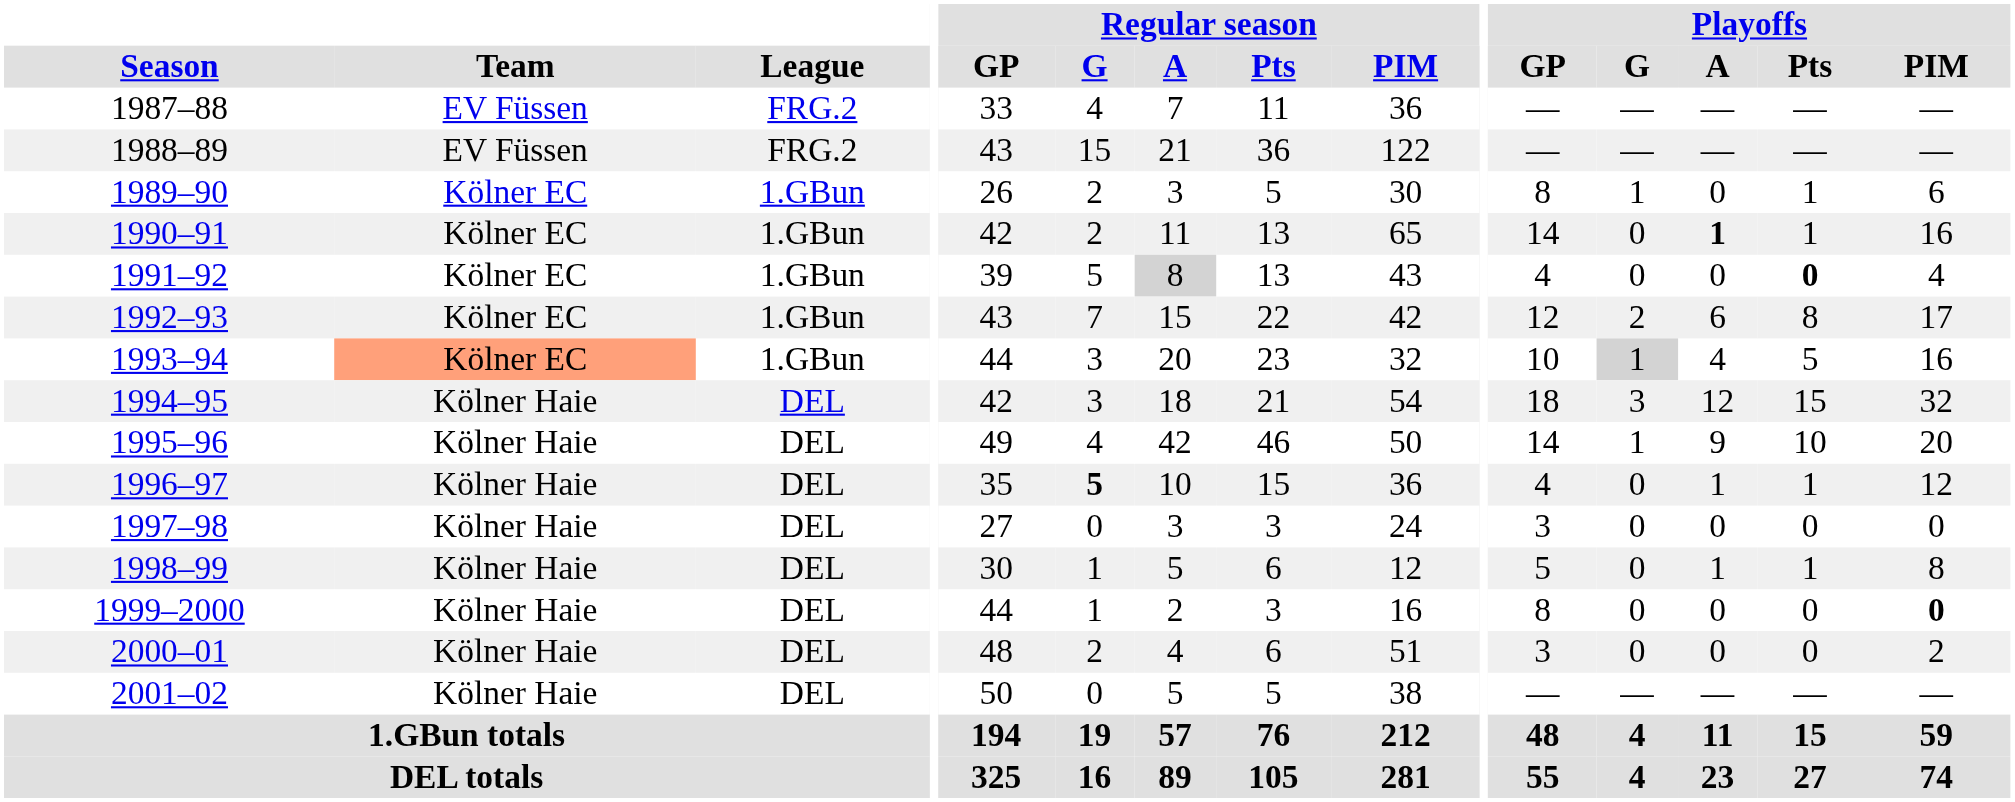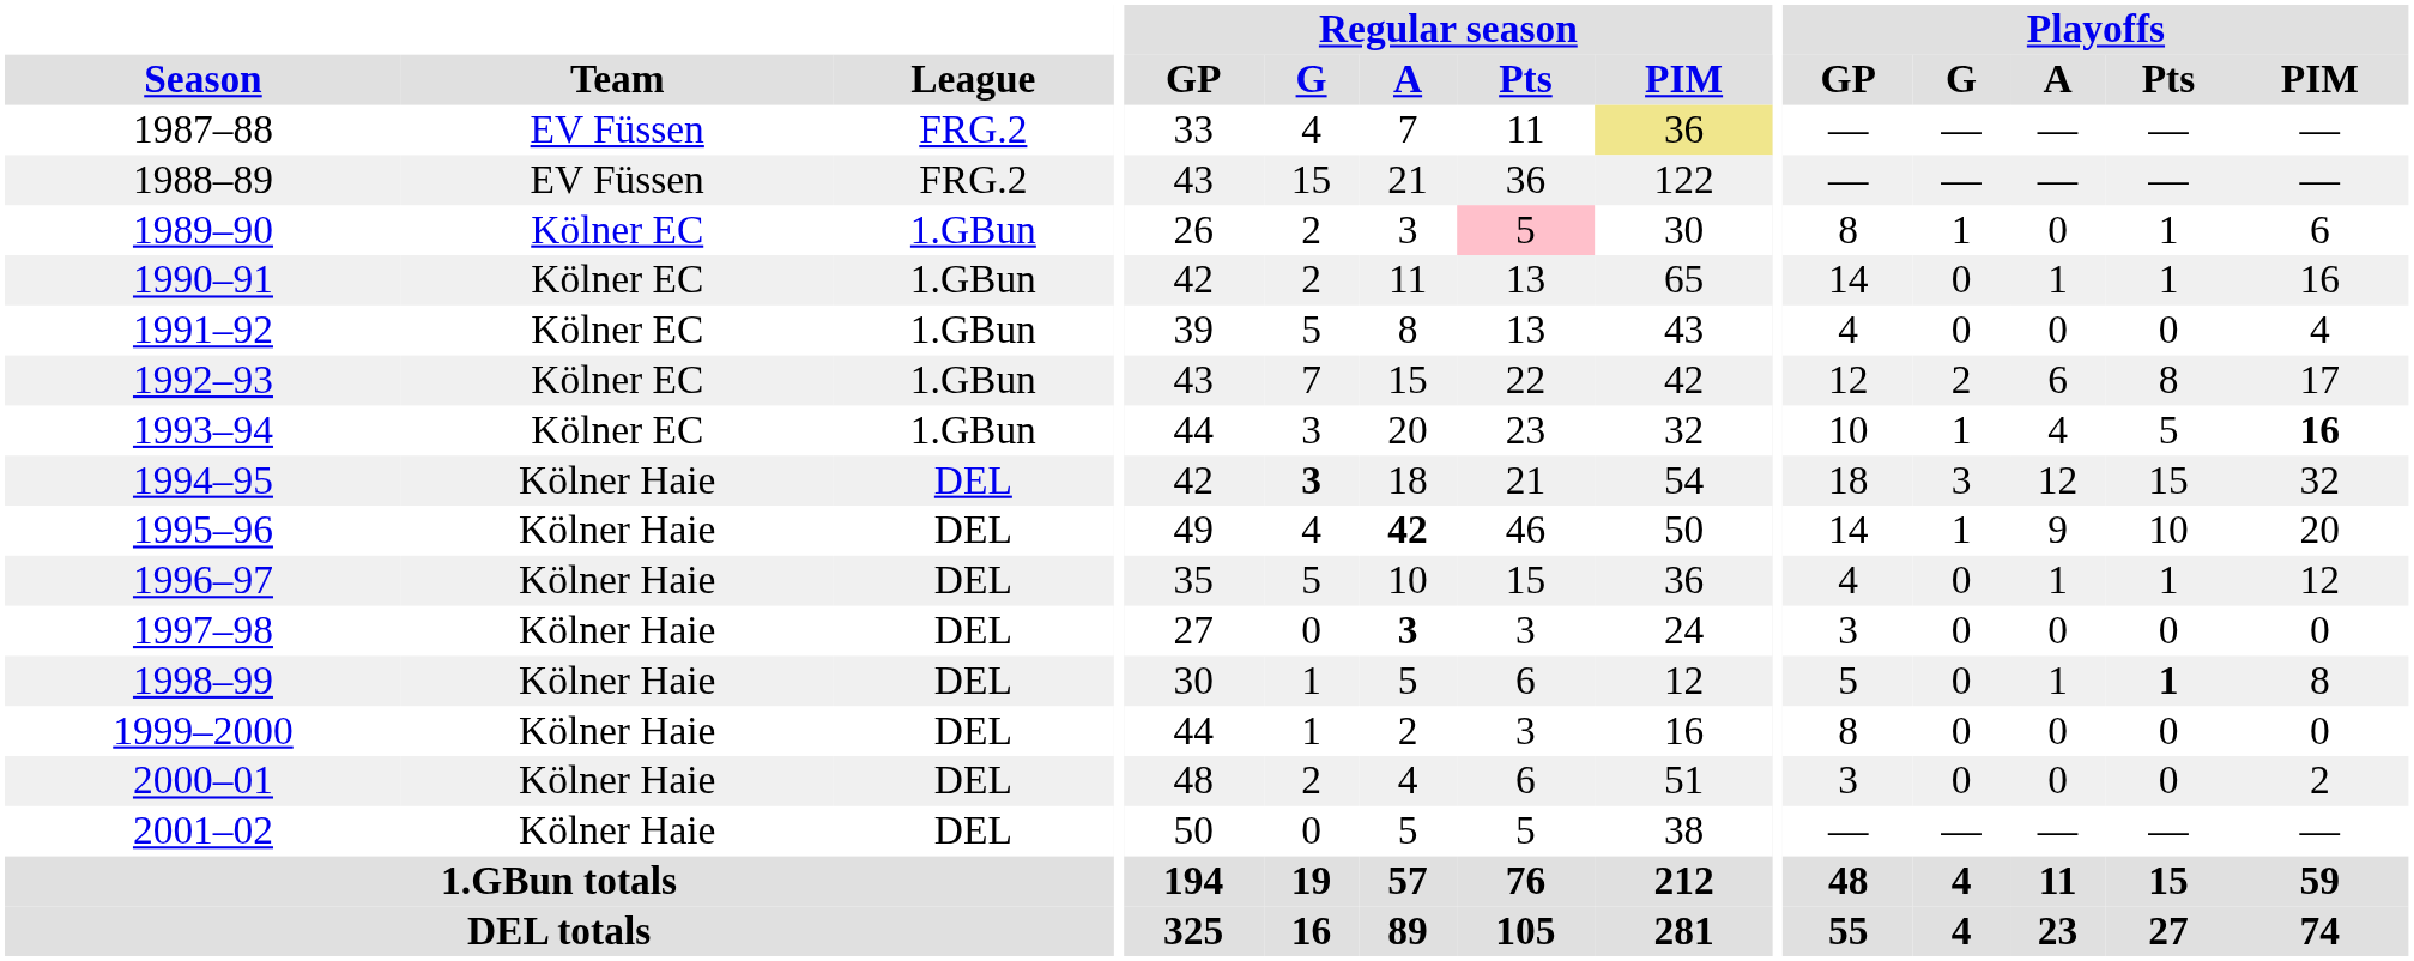 <table border="0" cellpadding="1" cellspacing="0" style="text-align:center; width:60em">
 <tr bgcolor="#e0e0e0">
 <th colspan="3" bgcolor="#ffffff"></th>
 <th rowspan="99" bgcolor="#ffffff"></th>
 <th colspan="5"><a href='#'>Regular season</a></th>
 <th rowspan="99" bgcolor="#ffffff"></th>
 <th colspan="5"><a href='#'>Playoffs</a></th>
 </tr>
 <tr bgcolor="#e0e0e0">
 <th><a href='#'>Season</a></th>
 <th>Team</th>
 <th>League</th>
 <th>GP</th>
 <th><a href='#'>G</a></th>
 <th><a href='#'>A</a></th>
 <th><a href='#'>Pts</a></th>
 <th><a href='#'>PIM</a></th>
 <th>GP</th>
 <th>G</th>
 <th>A</th>
 <th>Pts</th>
 <th>PIM</th>
 </tr>
 <tr>
 <td>1987–88</td>
 <td><a href='#'>EV Füssen</a></td>
 <td><a href='#'>FRG.2</a></td>
 <td>33</td>
 <td>4</td>
 <td>7</td>
 <td>11</td>
-<td>36</td>
+<td style="background: khaki;">36</td>
 <td>—</td>
 <td>—</td>
 <td>—</td>
 <td>—</td>
 <td>—</td>
 </tr>
 <tr bgcolor="#f0f0f0">
 <td>1988–89</td>
 <td>EV Füssen</td>
 <td>FRG.2</td>
 <td>43</td>
 <td>15</td>
 <td>21</td>
 <td>36</td>
 <td>122</td>
 <td>—</td>
 <td>—</td>
 <td>—</td>
 <td>—</td>
 <td>—</td>
 </tr>
 <tr>
 <td><a href='#'>1989–90</a></td>
 <td><a href='#'>Kölner EC</a></td>
 <td><a href='#'>1.GBun</a></td>
 <td>26</td>
 <td>2</td>
 <td>3</td>
-<td>5</td>
+<td style="background: pink;">5</td>
 <td>30</td>
 <td>8</td>
 <td>1</td>
 <td>0</td>
 <td>1</td>
 <td>6</td>
 </tr>
 <tr bgcolor="#f0f0f0">
 <td><a href='#'>1990–91</a></td>
 <td>Kölner EC</td>
 <td>1.GBun</td>
 <td>42</td>
 <td>2</td>
 <td>11</td>
 <td>13</td>
 <td>65</td>
 <td>14</td>
 <td>0</td>
-<td><strong>1</strong></td>
+<td>1</td>
 <td>1</td>
 <td>16</td>
 </tr>
 <tr>
 <td><a href='#'>1991–92</a></td>
 <td>Kölner EC</td>
 <td>1.GBun</td>
 <td>39</td>
 <td>5</td>
-<td style="background: lightgrey;">8</td>
+<td>8</td>
 <td>13</td>
 <td>43</td>
 <td>4</td>
 <td>0</td>
 <td>0</td>
-<td><strong>0</strong></td>
+<td>0</td>
 <td>4</td>
 </tr>
 <tr bgcolor="#f0f0f0">
 <td><a href='#'>1992–93</a></td>
 <td>Kölner EC</td>
 <td>1.GBun</td>
 <td>43</td>
 <td>7</td>
 <td>15</td>
 <td>22</td>
 <td>42</td>
 <td>12</td>
 <td>2</td>
 <td>6</td>
 <td>8</td>
 <td>17</td>
 </tr>
 <tr>
 <td><a href='#'>1993–94</a></td>
-<td style="background: lightsalmon;">Kölner EC</td>
+<td>Kölner EC</td>
 <td>1.GBun</td>
 <td>44</td>
 <td>3</td>
 <td>20</td>
 <td>23</td>
 <td>32</td>
 <td>10</td>
-<td style="background: lightgrey;">1</td>
+<td>1</td>
 <td>4</td>
 <td>5</td>
-<td>16</td>
+<td><strong>16</strong></td>
 </tr>
 <tr bgcolor="#f0f0f0">
 <td><a href='#'>1994–95</a></td>
 <td>Kölner Haie</td>
 <td><a href='#'>DEL</a></td>
 <td>42</td>
-<td>3</td>
+<td><strong>3</strong></td>
 <td>18</td>
 <td>21</td>
 <td>54</td>
 <td>18</td>
 <td>3</td>
 <td>12</td>
 <td>15</td>
 <td>32</td>
 </tr>
 <tr>
 <td><a href='#'>1995–96</a></td>
 <td>Kölner Haie</td>
 <td>DEL</td>
 <td>49</td>
 <td>4</td>
-<td>42</td>
+<td><strong>42</strong></td>
 <td>46</td>
 <td>50</td>
 <td>14</td>
 <td>1</td>
 <td>9</td>
 <td>10</td>
 <td>20</td>
 </tr>
 <tr bgcolor="#f0f0f0">
 <td><a href='#'>1996–97</a></td>
 <td>Kölner Haie</td>
 <td>DEL</td>
 <td>35</td>
-<td><strong>5</strong></td>
+<td>5</td>
 <td>10</td>
 <td>15</td>
 <td>36</td>
 <td>4</td>
 <td>0</td>
 <td>1</td>
 <td>1</td>
 <td>12</td>
 </tr>
 <tr>
 <td><a href='#'>1997–98</a></td>
 <td>Kölner Haie</td>
 <td>DEL</td>
 <td>27</td>
 <td>0</td>
-<td>3</td>
+<td><strong>3</strong></td>
 <td>3</td>
 <td>24</td>
 <td>3</td>
 <td>0</td>
 <td>0</td>
 <td>0</td>
 <td>0</td>
 </tr>
 <tr bgcolor="#f0f0f0">
 <td><a href='#'>1998–99</a></td>
 <td>Kölner Haie</td>
 <td>DEL</td>
 <td>30</td>
 <td>1</td>
 <td>5</td>
 <td>6</td>
 <td>12</td>
 <td>5</td>
 <td>0</td>
 <td>1</td>
-<td>1</td>
+<td><strong>1</strong></td>
 <td>8</td>
 </tr>
 <tr>
 <td><a href='#'>1999–2000</a></td>
 <td>Kölner Haie</td>
 <td>DEL</td>
 <td>44</td>
 <td>1</td>
 <td>2</td>
 <td>3</td>
 <td>16</td>
 <td>8</td>
 <td>0</td>
 <td>0</td>
 <td>0</td>
-<td><strong>0</strong></td>
+<td>0</td>
 </tr>
 <tr bgcolor="#f0f0f0">
 <td><a href='#'>2000–01</a></td>
 <td>Kölner Haie</td>
 <td>DEL</td>
 <td>48</td>
 <td>2</td>
 <td>4</td>
 <td>6</td>
 <td>51</td>
 <td>3</td>
 <td>0</td>
 <td>0</td>
 <td>0</td>
 <td>2</td>
 </tr>
 <tr>
 <td><a href='#'>2001–02</a></td>
 <td>Kölner Haie</td>
 <td>DEL</td>
 <td>50</td>
 <td>0</td>
 <td>5</td>
 <td>5</td>
 <td>38</td>
 <td>—</td>
 <td>—</td>
 <td>—</td>
 <td>—</td>
 <td>—</td>
 </tr>
 <tr bgcolor="#e0e0e0">
 <th colspan="3">1.GBun totals</th>
 <th>194</th>
 <th>19</th>
 <th>57</th>
 <th>76</th>
 <th>212</th>
 <th>48</th>
 <th>4</th>
 <th>11</th>
 <th>15</th>
 <th>59</th>
 </tr>
 <tr bgcolor="#e0e0e0">
 <th colspan="3">DEL totals</th>
 <th>325</th>
 <th>16</th>
 <th>89</th>
 <th>105</th>
 <th>281</th>
 <th>55</th>
 <th>4</th>
 <th>23</th>
 <th>27</th>
 <th>74</th>
 </tr>
 </table>
